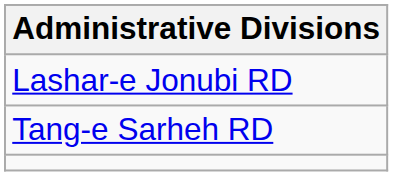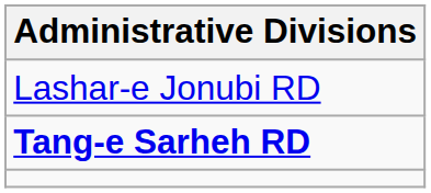 <table class="wikitable">
 <tr>
 <th>Administrative Divisions</th>
 </tr>
 <tr>
 <td><a href='#'>Lashar-e Jonubi RD</a></td>
 </tr>
 <tr>
-<td><a href='#'>Tang-e Sarheh RD</a></td>
+<td><strong><a href='#'>Tang-e Sarheh RD</a></strong></td>
 </tr>
 <tr>
 <td colspan=1></td>
 </tr>
 </table>
